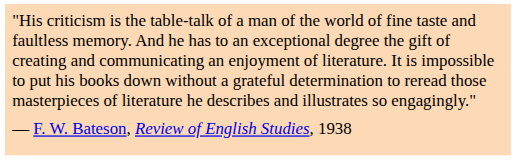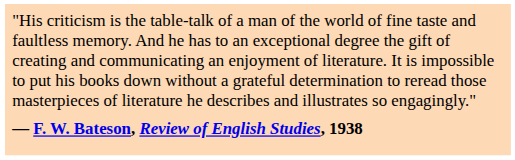 <table class="toccolours" style="float: right; margin-left: 1em; margin-right: 2em; font-size: 85%; background:#FDD9B5; color:black; width:30em; max-width: 40%;" cellspacing="5">
 <tr>
 <td style="text-align: left;">"His criticism is the table-talk of a man of the world of fine taste and faultless memory. And he has to an exceptional degree the gift of creating and communicating an enjoyment of literature. It is impossible to put his books down without a grateful determination to reread those masterpieces of literature he describes and illustrates so engagingly."<br></td>
 </tr>
 <tr>
-<td>― <a href='#'>F. W. Bateson</a>, <em><a href='#'>Review of English Studies</a></em>, 1938</td>
+<td><strong>― <a href='#'>F. W. Bateson</a>, <em><a href='#'>Review of English Studies</a></em>, 1938</strong></td>
 </tr>
 <tr>
 <td style="text-align: left;"></td>
 </tr>
 </table>
